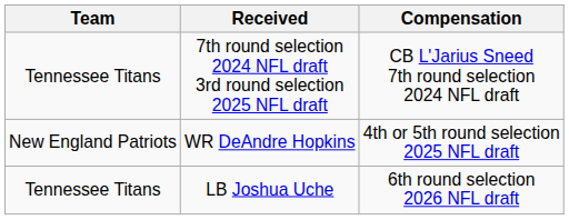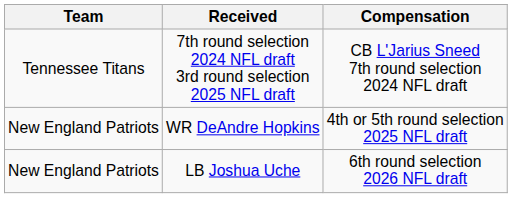 <table class="wikitable" style="text-align:center">
 <tr>
 <th>Team</th>
 <th>Received</th>
 <th>Compensation</th>
 </tr>
 <tr>
 <td>Tennessee Titans</td>
 <td>7th round selection<br><a href='#'>2024 NFL draft</a><br>3rd round selection<br><a href='#'>2025 NFL draft</a></td>
 <td>CB <a href='#'>L'Jarius Sneed</a><br>7th round selection<br>2024 NFL draft</td>
 </tr>
 <tr>
 <td>New England Patriots</td>
 <td>WR <a href='#'>DeAndre Hopkins</a></td>
 <td>4th or 5th round selection<br><a href='#'>2025 NFL draft</a></td>
 </tr>
 <tr>
-<td>Tennessee Titans</td>
+<td>New England Patriots</td>
 <td>LB <a href='#'>Joshua Uche</a></td>
 <td>6th round selection<br><a href='#'>2026 NFL draft</a></td>
 </tr>
 </table>
